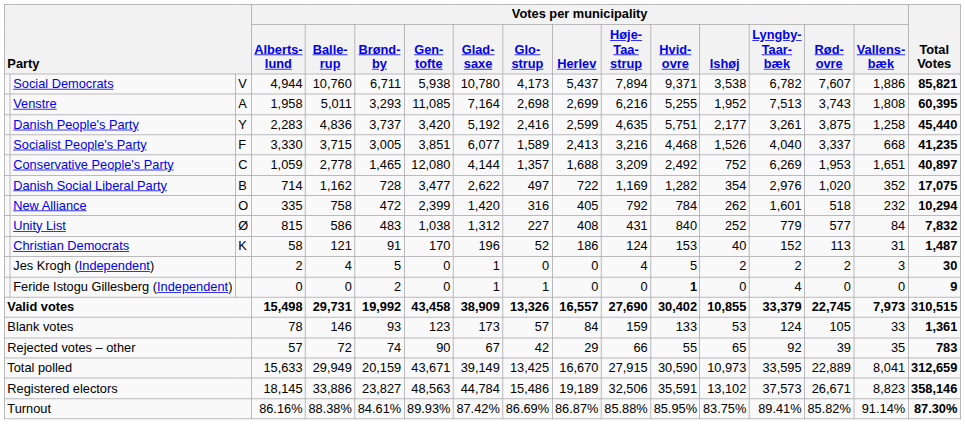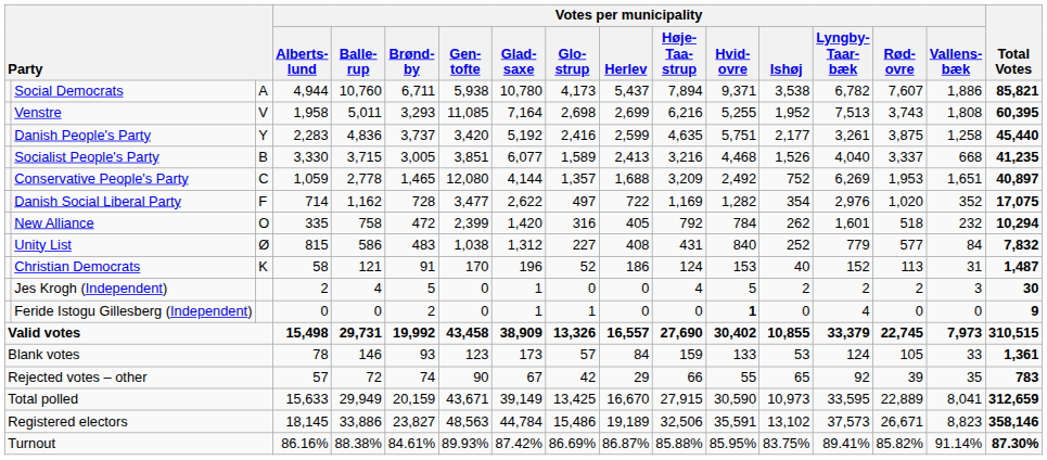 <table class="wikitable" border="1" style="text-align:right;">
 <tr>
 <th style="text-align:left;" valign=bottom rowspan=2 colspan=3>Party</th>
 <th colspan=13>Votes per municipality</th>
 <th align=center valign=bottom rowspan=2 width="50">Total Votes</th>
 </tr>
 <tr>
 <th align=center valign=bottom width="50"><a href='#'>Alberts- lund</a></th>
 <th align=center valign=bottom width="50"><a href='#'>Balle- rup</a></th>
 <th align=center valign=bottom width="50"><a href='#'>Brønd- by</a></th>
 <th align=center valign=bottom width="50"><a href='#'>Gen- tofte</a></th>
 <th align=center valign=bottom width="50"><a href='#'>Glad- saxe</a></th>
 <th align=center valign=bottom width="50"><a href='#'>Glo- strup</a></th>
 <th align=center valign=bottom width="50"><a href='#'>Herlev</a></th>
 <th align=center valign=bottom width="50"><a href='#'>Høje- Taa- strup</a></th>
 <th align=center valign=bottom width="50"><a href='#'>Hvid- ovre</a></th>
 <th align=center valign=bottom width="50"><a href='#'>Ishøj</a></th>
 <th align=center valign=bottom width="50"><a href='#'>Lyngby- Taar- bæk</a></th>
 <th align=center valign=bottom width="50"><a href='#'>Rød- ovre</a></th>
 <th align=center valign=bottom width="50"><a href='#'>Vallens- bæk</a></th>
 </tr>
 <tr>
 <td></td>
 <td align=left><a href='#'>Social Democrats</a></td>
-<td align=left>V</td>
+<td align=left>A</td>
 <td>4,944</td>
 <td>10,760</td>
 <td>6,711</td>
 <td>5,938</td>
 <td>10,780</td>
 <td>4,173</td>
 <td>5,437</td>
 <td>7,894</td>
 <td>9,371</td>
 <td>3,538</td>
 <td>6,782</td>
 <td>7,607</td>
 <td>1,886</td>
 <td><strong>85,821</strong></td>
 </tr>
 <tr>
 <td></td>
 <td align=left><a href='#'>Venstre</a></td>
-<td align=left>A</td>
+<td align=left>V</td>
 <td>1,958</td>
 <td>5,011</td>
 <td>3,293</td>
 <td>11,085</td>
 <td>7,164</td>
 <td>2,698</td>
 <td>2,699</td>
 <td>6,216</td>
 <td>5,255</td>
 <td>1,952</td>
 <td>7,513</td>
 <td>3,743</td>
 <td>1,808</td>
 <td><strong>60,395</strong></td>
 </tr>
 <tr>
 <td></td>
 <td align=left><a href='#'>Danish People's Party</a></td>
 <td align=left>Y</td>
 <td>2,283</td>
 <td>4,836</td>
 <td>3,737</td>
 <td>3,420</td>
 <td>5,192</td>
 <td>2,416</td>
 <td>2,599</td>
 <td>4,635</td>
 <td>5,751</td>
 <td>2,177</td>
 <td>3,261</td>
 <td>3,875</td>
 <td>1,258</td>
 <td><strong>45,440</strong></td>
 </tr>
 <tr>
 <td></td>
 <td align=left><a href='#'>Socialist People's Party</a></td>
-<td align=left>F</td>
+<td align=left>B</td>
 <td>3,330</td>
 <td>3,715</td>
 <td>3,005</td>
 <td>3,851</td>
 <td>6,077</td>
 <td>1,589</td>
 <td>2,413</td>
 <td>3,216</td>
 <td>4,468</td>
 <td>1,526</td>
 <td>4,040</td>
 <td>3,337</td>
 <td>668</td>
 <td><strong>41,235</strong></td>
 </tr>
 <tr>
 <td></td>
 <td align=left style="white-space: nowrap;"><a href='#'>Conservative People's Party</a></td>
 <td align=left>C</td>
 <td>1,059</td>
 <td>2,778</td>
 <td>1,465</td>
 <td>12,080</td>
 <td>4,144</td>
 <td>1,357</td>
 <td>1,688</td>
 <td>3,209</td>
 <td>2,492</td>
 <td>752</td>
 <td>6,269</td>
 <td>1,953</td>
 <td>1,651</td>
 <td><strong>40,897</strong></td>
 </tr>
 <tr>
 <td></td>
 <td align=left><a href='#'>Danish Social Liberal Party</a></td>
-<td align=left>B</td>
+<td align=left>F</td>
 <td>714</td>
 <td>1,162</td>
 <td>728</td>
 <td>3,477</td>
 <td>2,622</td>
 <td>497</td>
 <td>722</td>
 <td>1,169</td>
 <td>1,282</td>
 <td>354</td>
 <td>2,976</td>
 <td>1,020</td>
 <td>352</td>
 <td><strong>17,075</strong></td>
 </tr>
 <tr>
 <td></td>
 <td align=left><a href='#'>New Alliance</a></td>
 <td align=left>O</td>
 <td>335</td>
 <td>758</td>
 <td>472</td>
 <td>2,399</td>
 <td>1,420</td>
 <td>316</td>
 <td>405</td>
 <td>792</td>
 <td>784</td>
 <td>262</td>
 <td>1,601</td>
 <td>518</td>
 <td>232</td>
 <td><strong>10,294</strong></td>
 </tr>
 <tr>
 <td></td>
 <td align=left><a href='#'>Unity List</a></td>
 <td align=left>Ø</td>
 <td>815</td>
 <td>586</td>
 <td>483</td>
 <td>1,038</td>
 <td>1,312</td>
 <td>227</td>
 <td>408</td>
 <td>431</td>
 <td>840</td>
 <td>252</td>
 <td>779</td>
 <td>577</td>
 <td>84</td>
 <td><strong>7,832</strong></td>
 </tr>
 <tr>
 <td></td>
 <td align=left><a href='#'>Christian Democrats</a></td>
 <td align=left>K</td>
 <td>58</td>
 <td>121</td>
 <td>91</td>
 <td>170</td>
 <td>196</td>
 <td>52</td>
 <td>186</td>
 <td>124</td>
 <td>153</td>
 <td>40</td>
 <td>152</td>
 <td>113</td>
 <td>31</td>
 <td><strong>1,487</strong></td>
 </tr>
 <tr>
 <td></td>
 <td align=left>Jes Krogh (<a href='#'>Independent</a>)</td>
 <td></td>
 <td>2</td>
 <td>4</td>
 <td>5</td>
 <td>0</td>
 <td>1</td>
 <td>0</td>
 <td>0</td>
 <td>4</td>
 <td>5</td>
 <td>2</td>
 <td>2</td>
 <td>2</td>
 <td>3</td>
 <td><strong>30</strong></td>
 </tr>
 <tr>
 <td></td>
 <td align=left>Feride Istogu Gillesberg (<a href='#'>Independent</a>)</td>
 <td></td>
 <td>0</td>
 <td>0</td>
 <td>2</td>
 <td>0</td>
 <td>1</td>
 <td>1</td>
 <td>0</td>
 <td>0</td>
 <td><strong>1</strong></td>
 <td>0</td>
 <td>4</td>
 <td>0</td>
 <td>0</td>
 <td><strong>9</strong></td>
 </tr>
 <tr style="font-weight:bold">
 <td align=left colspan=3>Valid votes</td>
 <td>15,498</td>
 <td>29,731</td>
 <td>19,992</td>
 <td>43,458</td>
 <td>38,909</td>
 <td>13,326</td>
 <td>16,557</td>
 <td>27,690</td>
 <td>30,402</td>
 <td>10,855</td>
 <td>33,379</td>
 <td>22,745</td>
 <td>7,973</td>
 <td>310,515</td>
 </tr>
 <tr>
 <td align=left colspan=3>Blank votes</td>
 <td>78</td>
 <td>146</td>
 <td>93</td>
 <td>123</td>
 <td>173</td>
 <td>57</td>
 <td>84</td>
 <td>159</td>
 <td>133</td>
 <td>53</td>
 <td>124</td>
 <td>105</td>
 <td>33</td>
 <td><strong>1,361</strong></td>
 </tr>
 <tr>
 <td align=left colspan=3>Rejected votes – other</td>
 <td>57</td>
 <td>72</td>
 <td>74</td>
 <td>90</td>
 <td>67</td>
 <td>42</td>
 <td>29</td>
 <td>66</td>
 <td>55</td>
 <td>65</td>
 <td>92</td>
 <td>39</td>
 <td>35</td>
 <td><strong>783</strong></td>
 </tr>
 <tr>
 <td align=left colspan=3>Total polled</td>
 <td>15,633</td>
 <td>29,949</td>
 <td>20,159</td>
 <td>43,671</td>
 <td>39,149</td>
 <td>13,425</td>
 <td>16,670</td>
 <td>27,915</td>
 <td>30,590</td>
 <td>10,973</td>
 <td>33,595</td>
 <td>22,889</td>
 <td>8,041</td>
 <td><strong>312,659</strong></td>
 </tr>
 <tr>
 <td align=left colspan=3>Registered electors</td>
 <td>18,145</td>
 <td>33,886</td>
 <td>23,827</td>
 <td>48,563</td>
 <td>44,784</td>
 <td>15,486</td>
 <td>19,189</td>
 <td>32,506</td>
 <td>35,591</td>
 <td>13,102</td>
 <td>37,573</td>
 <td>26,671</td>
 <td>8,823</td>
 <td><strong>358,146</strong></td>
 </tr>
 <tr>
 <td align=left colspan=3>Turnout</td>
 <td>86.16%</td>
 <td>88.38%</td>
 <td>84.61%</td>
 <td>89.93%</td>
 <td>87.42%</td>
 <td>86.69%</td>
 <td>86.87%</td>
 <td>85.88%</td>
 <td>85.95%</td>
 <td>83.75%</td>
 <td>89.41%</td>
 <td>85.82%</td>
 <td>91.14%</td>
 <td><strong>87.30%</strong></td>
 </tr>
 </table>
